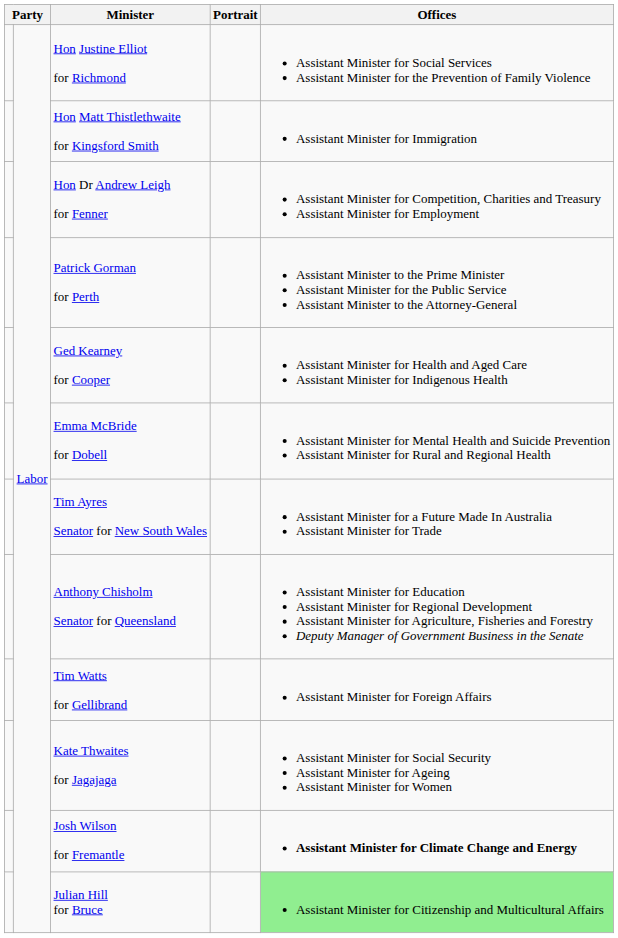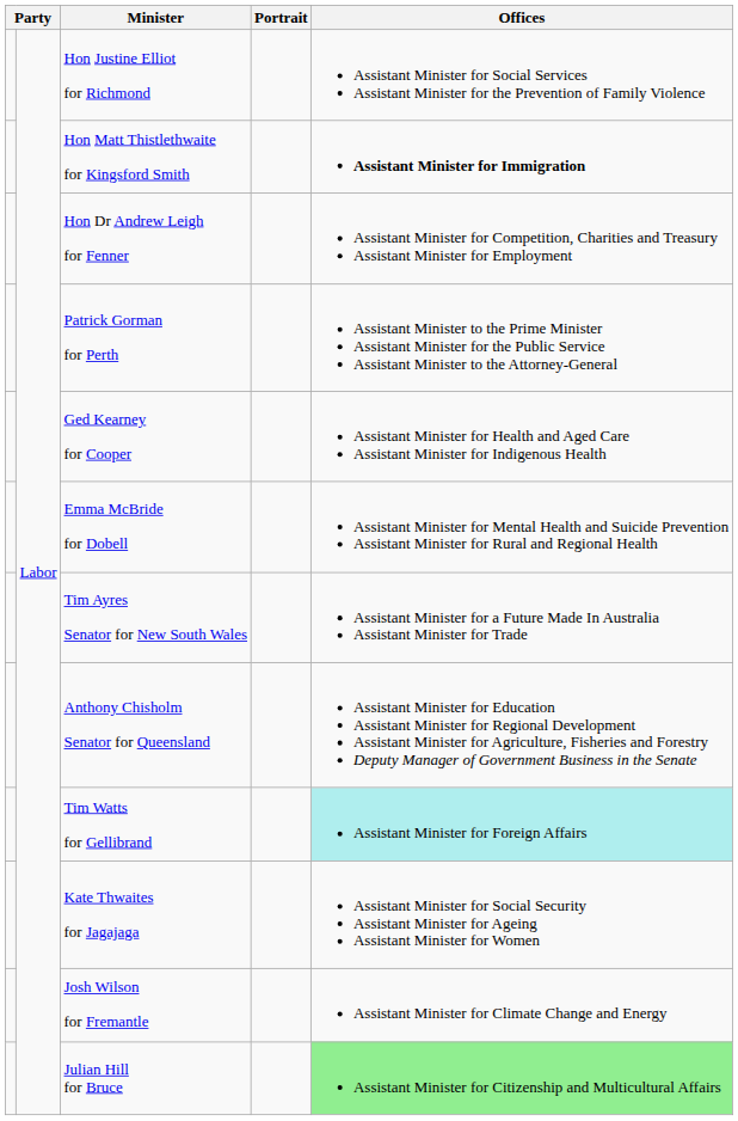 <table class="wikitable sortable">
 <tr>
 <th colspan="2">Party</th>
 <th>Minister</th>
 <th>Portrait</th>
 <th>Offices</th>
 </tr>
 <tr>
 <td> </td>
 <td rowspan="12"><a href='#'>Labor</a></td>
 <td><a href='#'>Hon</a> <a href='#'>Justine Elliot</a> <br><br> for <a href='#'>Richmond</a><br></td>
 <td></td>
 <td><br><ul><li>Assistant Minister for Social Services</li><li>Assistant Minister for the Prevention of Family Violence</li></ul></td>
 </tr>
 <tr>
 <td> </td>
 <td><a href='#'>Hon</a> <a href='#'>Matt Thistlethwaite</a> <br><br> for <a href='#'>Kingsford Smith</a><br></td>
 <td></td>
-<td><br><ul><li>Assistant Minister for Immigration</li></ul></td>
+<td><strong><br><ul><li>Assistant Minister for Immigration</li></ul></strong></td>
 </tr>
 <tr>
 <td> </td>
 <td><a href='#'>Hon</a> Dr <a href='#'>Andrew Leigh</a> <br><br> for <a href='#'>Fenner</a><br></td>
 <td></td>
 <td><br><ul><li>Assistant Minister for Competition, Charities and Treasury</li><li>Assistant Minister for Employment</li></ul></td>
 </tr>
 <tr>
 <td> </td>
 <td><a href='#'>Patrick Gorman</a> <br><br> for <a href='#'>Perth</a><br></td>
 <td></td>
 <td><br><ul><li>Assistant Minister to the Prime Minister</li><li>Assistant Minister for the Public Service</li><li>Assistant Minister to the Attorney-General</li></ul></td>
 </tr>
 <tr>
 <td> </td>
 <td><a href='#'>Ged Kearney</a> <br><br> for <a href='#'>Cooper</a><br></td>
 <td></td>
 <td><br><ul><li>Assistant Minister for Health and Aged Care</li><li>Assistant Minister for Indigenous Health</li></ul></td>
 </tr>
 <tr>
 <td> </td>
 <td><a href='#'>Emma McBride</a> <br><br> for <a href='#'>Dobell</a><br></td>
 <td></td>
 <td><br><ul><li>Assistant Minister for Mental Health and Suicide Prevention</li><li>Assistant Minister for Rural and Regional Health</li></ul></td>
 </tr>
 <tr>
 <td> </td>
 <td><a href='#'>Tim Ayres</a> <br><br><a href='#'>Senator</a> for <a href='#'>New South Wales</a><br></td>
 <td></td>
 <td><br><ul><li>Assistant Minister for a Future Made In Australia</li><li>Assistant Minister for Trade</li></ul></td>
 </tr>
 <tr>
 <td> </td>
 <td><a href='#'>Anthony Chisholm</a> <br><br><a href='#'>Senator</a> for <a href='#'>Queensland</a><br></td>
 <td></td>
 <td><br><ul><li>Assistant Minister for Education</li><li>Assistant Minister for Regional Development</li><li>Assistant Minister for Agriculture, Fisheries and Forestry</li><li><em>Deputy Manager of Government Business in the Senate</em></li></ul></td>
 </tr>
 <tr>
 <td> </td>
 <td><a href='#'>Tim Watts</a> <br><br> for <a href='#'>Gellibrand</a><br></td>
 <td></td>
-<td><br><ul><li>Assistant Minister for Foreign Affairs</li></ul></td>
+<td style="background: paleturquoise;"><br><ul><li>Assistant Minister for Foreign Affairs</li></ul></td>
 </tr>
 <tr>
 <td> </td>
 <td><a href='#'>Kate Thwaites</a> <br><br> for <a href='#'>Jagajaga</a><br></td>
 <td></td>
 <td><br><ul><li>Assistant Minister for Social Security</li><li>Assistant Minister for Ageing</li><li>Assistant Minister for Women</li></ul></td>
 </tr>
 <tr>
 <td> </td>
 <td><a href='#'>Josh Wilson</a> <br><br> for <a href='#'>Fremantle</a><br></td>
 <td></td>
-<td><strong><br><ul><li>Assistant Minister for Climate Change and Energy</li></ul></strong></td>
+<td><br><ul><li>Assistant Minister for Climate Change and Energy</li></ul></td>
 </tr>
 <tr>
 <td> </td>
 <td><a href='#'>Julian Hill</a><br> for <a href='#'>Bruce</a><br></td>
 <td></td>
 <td style="background: lightgreen;"><br><ul><li>Assistant Minister for Citizenship and Multicultural Affairs</li></ul></td>
 </tr>
 </table>
